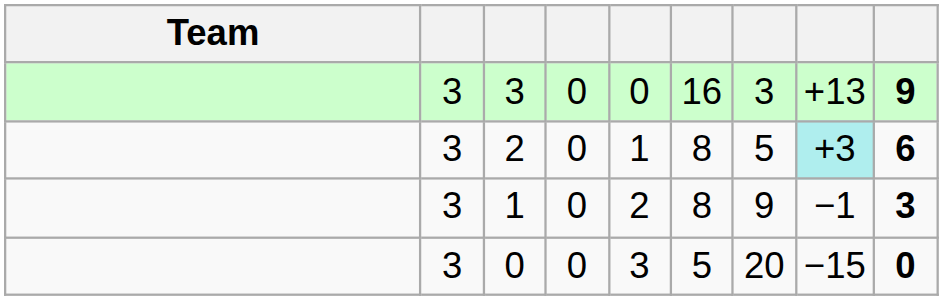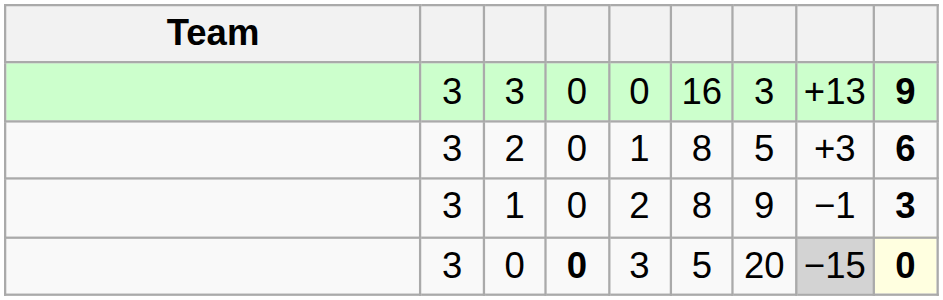 <table class="wikitable" style="text-align: center;">
 <tr>
 <th width="175">Team</th>
 <th width="20"></th>
 <th width="20"></th>
 <th width="20"></th>
 <th width="20"></th>
 <th width="20"></th>
 <th width="20"></th>
 <th width="20"></th>
 <th width="20"></th>
 </tr>
 <tr style="background-color: #ccffcc;">
 <td align=left></td>
 <td>3</td>
 <td>3</td>
 <td>0</td>
 <td>0</td>
 <td>16</td>
 <td>3</td>
 <td>+13</td>
 <td><strong>9</strong></td>
 </tr>
 <tr>
 <td align=left></td>
 <td>3</td>
 <td>2</td>
 <td>0</td>
 <td>1</td>
 <td>8</td>
 <td>5</td>
-<td style="background: paleturquoise;">+3</td>
+<td>+3</td>
 <td><strong>6</strong></td>
 </tr>
 <tr>
 <td align=left></td>
 <td>3</td>
 <td>1</td>
 <td>0</td>
 <td>2</td>
 <td>8</td>
 <td>9</td>
 <td>−1</td>
 <td><strong>3</strong></td>
 </tr>
 <tr>
 <td align=left></td>
 <td>3</td>
 <td>0</td>
-<td>0</td>
+<td><strong>0</strong></td>
 <td>3</td>
 <td>5</td>
 <td>20</td>
-<td>−15</td>
-<td><strong>0</strong></td>
+<td style="background: lightgrey;">−15</td>
+<td style="background: lightyellow;"><strong>0</strong></td>
 </tr>
 </table>
